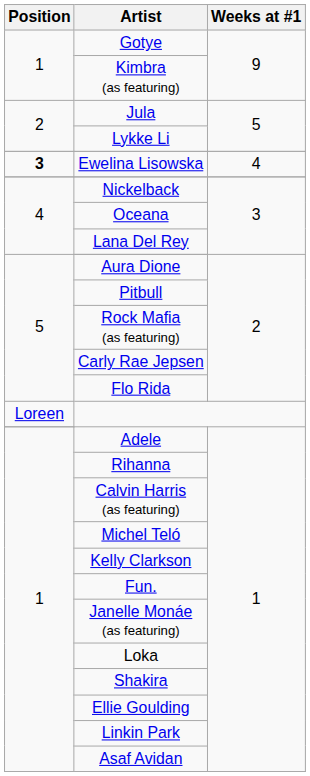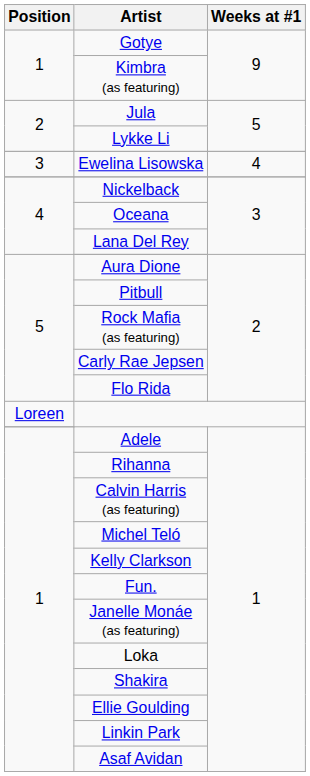 <table class="wikitable" style="font-size:97%;">
 <tr>
 <th>Position</th>
 <th>Artist</th>
 <th>Weeks at #1</th>
 </tr>
 <tr style="text-align:center;">
 <td rowspan="2">1</td>
 <td style="text-align:center;"><a href='#'>Gotye</a></td>
 <td style="text-align:center;" rowspan="2">9</td>
 </tr>
 <tr>
 <td style="text-align:center;"><a href='#'>Kimbra</a> <br><small>(as featuring)</small></td>
 </tr>
 <tr style="text-align:center;">
 <td rowspan="2">2</td>
 <td style="text-align:center;"><a href='#'>Jula</a></td>
 <td style="text-align:center;" rowspan="2">5</td>
 </tr>
 <tr>
 <td style="text-align:center;"><a href='#'>Lykke Li</a></td>
 </tr>
 <tr>
 </tr>
 <tr style="text-align:center;">
-<td rowspan="1"><strong>3</strong></td>
+<td rowspan="1">3</td>
 <td style="text-align:center;"><a href='#'>Ewelina Lisowska</a></td>
 <td style="text-align:center;" rowspan="1">4</td>
 </tr>
 <tr>
 </tr>
 <tr style="text-align:center;">
 <td rowspan="4">4</td>
 <td style="text-align:center;"><a href='#'>Nickelback</a></td>
 <td style="text-align:center;" rowspan="4">3</td>
 </tr>
 <tr>
 <td style="text-align:center;"><a href='#'>Oceana</a></td>
 </tr>
 <tr>
 <td style="text-align:center;"><a href='#'>Lana Del Rey</a></td>
 </tr>
 <tr>
 </tr>
 <tr style="text-align:center;">
 <td rowspan="5">5</td>
 <td style="text-align:center;"><a href='#'>Aura Dione</a></td>
 <td style="text-align:center;" rowspan="5">2</td>
 </tr>
 <tr>
 <td style="text-align:center;"><a href='#'>Pitbull</a></td>
 </tr>
 <tr>
 <td style="text-align:center;"><a href='#'>Rock Mafia</a> <br><small>(as featuring)</small></td>
 </tr>
 <tr>
 <td style="text-align:center;"><a href='#'>Carly Rae Jepsen</a></td>
 </tr>
 <tr>
 <td style="text-align:center;"><a href='#'>Flo Rida</a></td>
 </tr>
 <tr>
 <td style="text-align:center;"><a href='#'>Loreen</a></td>
 </tr>
 <tr>
 </tr>
 <tr style="text-align:center;">
 <td rowspan="12">1</td>
 <td style="text-align:center;"><a href='#'>Adele</a></td>
 <td style="text-align:center;" rowspan="12">1</td>
 </tr>
 <tr>
 <td style="text-align:center;"><a href='#'>Rihanna</a></td>
 </tr>
 <tr>
 <td style="text-align:center;"><a href='#'>Calvin Harris</a><br><small>(as featuring)</small></td>
 </tr>
 <tr>
 <td style="text-align:center;"><a href='#'>Michel Teló</a></td>
 </tr>
 <tr>
 <td style="text-align:center;"><a href='#'>Kelly Clarkson</a></td>
 </tr>
 <tr>
 <td style="text-align:center;"><a href='#'>Fun.</a></td>
 </tr>
 <tr>
 <td style="text-align:center;"><a href='#'>Janelle Monáe</a><br><small>(as featuring)</small></td>
 </tr>
 <tr>
 <td style="text-align:center;">Loka</td>
 </tr>
 <tr>
 <td style="text-align:center;"><a href='#'>Shakira</a></td>
 </tr>
 <tr>
 <td style="text-align:center;"><a href='#'>Ellie Goulding</a></td>
 </tr>
 <tr>
 <td style="text-align:center;"><a href='#'>Linkin Park</a></td>
 </tr>
 <tr>
 <td style="text-align:center;"><a href='#'>Asaf Avidan</a></td>
 </tr>
 <tr>
 </tr>
 </table>
